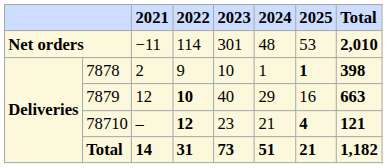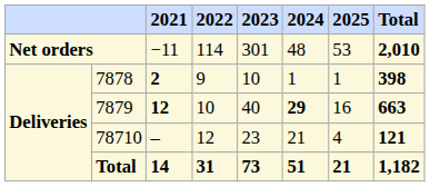 <table class="wikitable" style="margin:1em 1em 1em 300; border:1px #aaa solid; background:#fbf8db;">
 <tr style="font-weight:bold; background:#ccddff; padding:0.4em;">
 <td colspan=2></td>
 <td>2021</td>
 <td>2022</td>
 <td>2023</td>
 <td>2024</td>
 <td>2025</td>
 <td>Total</td>
 </tr>
 <tr>
 <td colspan=2><strong>Net orders</strong></td>
 <td>−11</td>
 <td>114</td>
 <td>301</td>
 <td>48</td>
 <td>53</td>
 <td><strong>2,010</strong></td>
 </tr>
 <tr>
 <td rowspan="4"><strong>Deliveries</strong></td>
 <td>7878</td>
-<td>2</td>
+<td><strong>2</strong></td>
 <td>9</td>
 <td>10</td>
 <td>1</td>
-<td><strong>1</strong></td>
+<td>1</td>
 <td><strong>398</strong></td>
 </tr>
 <tr>
 <td>7879</td>
-<td>12</td>
-<td><strong>10</strong></td>
+<td><strong>12</strong></td>
+<td>10</td>
 <td>40</td>
-<td>29</td>
+<td><strong>29</strong></td>
 <td>16</td>
 <td><strong>663</strong></td>
 </tr>
 <tr>
 <td>78710</td>
 <td>–</td>
-<td><strong>12</strong></td>
+<td>12</td>
 <td>23</td>
 <td>21</td>
-<td><strong>4</strong></td>
+<td>4</td>
 <td><strong>121</strong></td>
 </tr>
 <tr style="font-weight:bold;">
 <td>Total</td>
 <td>14</td>
 <td>31</td>
 <td>73</td>
 <td>51</td>
 <td>21</td>
 <td>1,182</td>
 </tr>
 </table>
